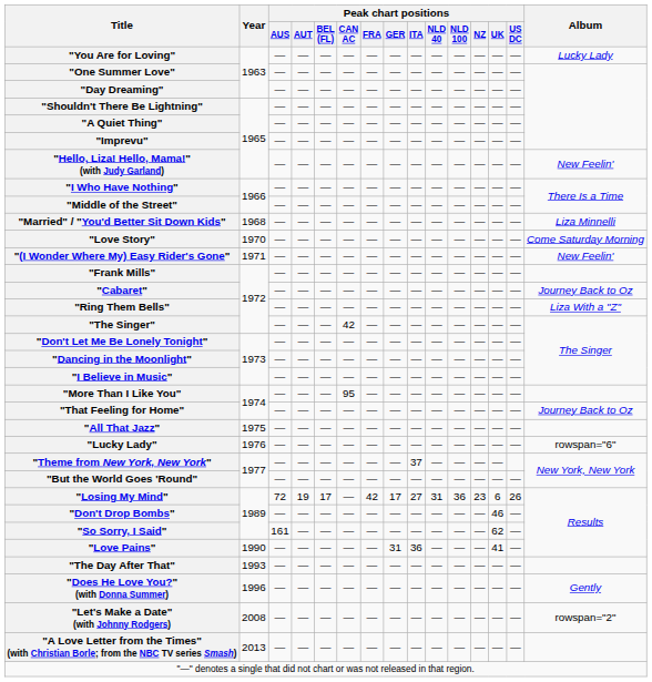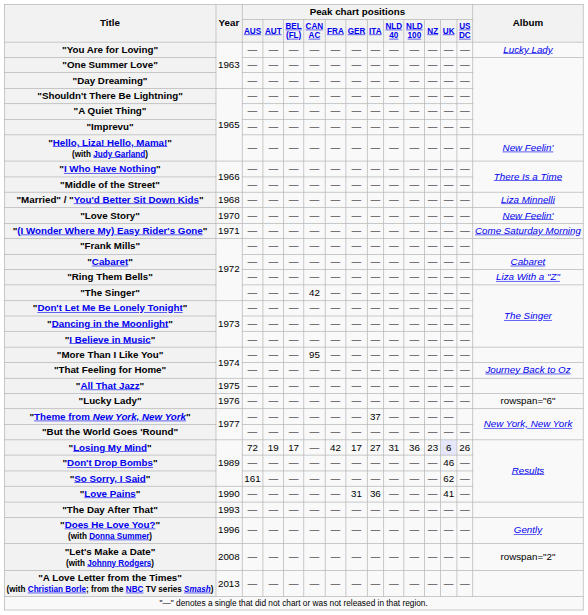 <table class="wikitable plainrowheaders" style="text-align:center;">
 <tr>
 <th scope="col" rowspan="2">Title</th>
 <th scope="col" rowspan="2">Year</th>
 <th scope="col" colspan="12">Peak chart positions</th>
 <th scope="col" rowspan="2">Album</th>
 </tr>
 <tr style="font-size:smaller;">
 <th scope="col" style="width:20px;"><a href='#'>AUS</a><br></th>
 <th scope="col" style="width:20px;"><a href='#'>AUT</a><br></th>
 <th scope="col" style="width:20px;"><a href='#'>BEL<br>(FL)</a><br></th>
 <th scope="col" style="width:20px;"><a href='#'>CAN<br>AC</a><br></th>
 <th scope="col" style="width:20px;"><a href='#'>FRA</a><br></th>
 <th scope="col" style="width:20px;"><a href='#'>GER</a><br></th>
 <th scope="col" style="width:20px;"><a href='#'>ITA</a><br></th>
 <th scope="col" style="width:20px;"><a href='#'>NLD<br>40</a><br></th>
 <th scope="col" style="width:20px;"><a href='#'>NLD<br>100</a><br></th>
 <th scope="col" style="width:20px;"><a href='#'>NZ</a><br></th>
 <th scope="col" style="width:20px;"><a href='#'>UK</a><br></th>
 <th scope="col" style="width:20px;"><a href='#'>US<br>DC</a><br></th>
 </tr>
 <tr>
 <th scope = "row">"You Are for Loving"</th>
 <td rowspan="3">1963</td>
 <td>—</td>
 <td>—</td>
 <td>—</td>
 <td>—</td>
 <td>—</td>
 <td>—</td>
 <td>—</td>
 <td>—</td>
 <td>—</td>
 <td>—</td>
 <td>—</td>
 <td>—</td>
 <td><em><a href='#'>Lucky Lady</a></em></td>
 </tr>
 <tr>
 <th scope = "row">"One Summer Love"</th>
 <td>—</td>
 <td>—</td>
 <td>—</td>
 <td>—</td>
 <td>—</td>
 <td>—</td>
 <td>—</td>
 <td>—</td>
 <td>—</td>
 <td>—</td>
 <td>—</td>
 <td>—</td>
 </tr>
 <tr>
 <th scope = "row">"Day Dreaming"</th>
 <td>—</td>
 <td>—</td>
 <td>—</td>
 <td>—</td>
 <td>—</td>
 <td>—</td>
 <td>—</td>
 <td>—</td>
 <td>—</td>
 <td>—</td>
 <td>—</td>
 <td>—</td>
 </tr>
 <tr>
 <th scope = "row">"Shouldn't There Be Lightning"</th>
 <td rowspan="4">1965</td>
 <td>—</td>
 <td>—</td>
 <td>—</td>
 <td>—</td>
 <td>—</td>
 <td>—</td>
 <td>—</td>
 <td>—</td>
 <td>—</td>
 <td>—</td>
 <td>—</td>
 <td>—</td>
 </tr>
 <tr>
 <th scope = "row">"A Quiet Thing"</th>
 <td>—</td>
 <td>—</td>
 <td>—</td>
 <td>—</td>
 <td>—</td>
 <td>—</td>
 <td>—</td>
 <td>—</td>
 <td>—</td>
 <td>—</td>
 <td>—</td>
 <td>—</td>
 </tr>
 <tr>
 <th scope = "row">"Imprevu"</th>
 <td>—</td>
 <td>—</td>
 <td>—</td>
 <td>—</td>
 <td>—</td>
 <td>—</td>
 <td>—</td>
 <td>—</td>
 <td>—</td>
 <td>—</td>
 <td>—</td>
 <td>—</td>
 </tr>
 <tr>
 <th scope = "row">"<a href='#'>Hello, Liza! Hello, Mama!</a>"<br><small>(with <a href='#'>Judy Garland</a>)</small></th>
 <td>—</td>
 <td>—</td>
 <td>—</td>
 <td>—</td>
 <td>—</td>
 <td>—</td>
 <td>—</td>
 <td>—</td>
 <td>—</td>
 <td>—</td>
 <td>—</td>
 <td>—</td>
 <td><em><a href='#'>New Feelin'</a></em></td>
 </tr>
 <tr>
 <th scope = "row">"<a href='#'>I Who Have Nothing</a>"</th>
 <td rowspan="2">1966</td>
 <td>—</td>
 <td>—</td>
 <td>—</td>
 <td>—</td>
 <td>—</td>
 <td>—</td>
 <td>—</td>
 <td>—</td>
 <td>—</td>
 <td>—</td>
 <td>—</td>
 <td>—</td>
 <td rowspan="2"><em><a href='#'>There Is a Time</a></em></td>
 </tr>
 <tr>
 <th scope = "row">"Middle of the Street"</th>
 <td>—</td>
 <td>—</td>
 <td>—</td>
 <td>—</td>
 <td>—</td>
 <td>—</td>
 <td>—</td>
 <td>—</td>
 <td>—</td>
 <td>—</td>
 <td>—</td>
 <td>—</td>
 </tr>
 <tr>
 <th scope = "row">"Married" / "<a href='#'>You'd Better Sit Down Kids</a>"</th>
 <td>1968</td>
 <td>—</td>
 <td>—</td>
 <td>—</td>
 <td>—</td>
 <td>—</td>
 <td>—</td>
 <td>—</td>
 <td>—</td>
 <td>—</td>
 <td>—</td>
 <td>—</td>
 <td>—</td>
 <td><em><a href='#'>Liza Minnelli</a></em></td>
 </tr>
 <tr>
 <th scope = "row">"Love Story"</th>
 <td>1970</td>
 <td>—</td>
 <td>—</td>
 <td>—</td>
 <td>—</td>
 <td>—</td>
 <td>—</td>
 <td>—</td>
 <td>—</td>
 <td>—</td>
 <td>—</td>
 <td>—</td>
 <td>—</td>
-<td><em><a href='#'>Come Saturday Morning</a></em></td>
+<td><em><a href='#'>New Feelin'</a></em></td>
 </tr>
 <tr>
 <th scope = "row">"<a href='#'>(I Wonder Where My) Easy Rider's Gone</a>"</th>
 <td>1971</td>
 <td>—</td>
 <td>—</td>
 <td>—</td>
 <td>—</td>
 <td>—</td>
 <td>—</td>
 <td>—</td>
 <td>—</td>
 <td>—</td>
 <td>—</td>
 <td>—</td>
 <td>—</td>
-<td><em><a href='#'>New Feelin'</a></em></td>
+<td><em><a href='#'>Come Saturday Morning</a></em></td>
 </tr>
 <tr>
 <th scope = "row">"Frank Mills"</th>
 <td rowspan="4">1972</td>
 <td>—</td>
 <td>—</td>
 <td>—</td>
 <td>—</td>
 <td>—</td>
 <td>—</td>
 <td>—</td>
 <td>—</td>
 <td>—</td>
 <td>—</td>
 <td>—</td>
 <td>—</td>
 <td></td>
 </tr>
 <tr>
 <th scope = "row">"<a href='#'>Cabaret</a>"</th>
 <td>—</td>
 <td>—</td>
 <td>—</td>
 <td>—</td>
 <td>—</td>
 <td>—</td>
 <td>—</td>
 <td>—</td>
 <td>—</td>
 <td>—</td>
 <td>—</td>
 <td>—</td>
-<td><em><a href='#'>Journey Back to Oz</a></em></td>
+<td><em><a href='#'>Cabaret</a></em></td>
 </tr>
 <tr>
 <th scope = "row">"Ring Them Bells"</th>
 <td>—</td>
 <td>—</td>
 <td>—</td>
 <td>—</td>
 <td>—</td>
 <td>—</td>
 <td>—</td>
 <td>—</td>
 <td>—</td>
 <td>—</td>
 <td>—</td>
 <td>—</td>
 <td><em><a href='#'>Liza With a "Z"</a></em></td>
 </tr>
 <tr>
 <th scope = "row">"The Singer"</th>
 <td>—</td>
 <td>—</td>
 <td>—</td>
 <td>42</td>
 <td>—</td>
 <td>—</td>
 <td>—</td>
 <td>—</td>
 <td>—</td>
 <td>—</td>
 <td>—</td>
 <td>—</td>
 <td rowspan="4"><em><a href='#'>The Singer</a></em></td>
 </tr>
 <tr>
 <th scope = "row">"<a href='#'>Don't Let Me Be Lonely Tonight</a>"</th>
 <td rowspan="3">1973</td>
 <td>—</td>
 <td>—</td>
 <td>—</td>
 <td>—</td>
 <td>—</td>
 <td>—</td>
 <td>—</td>
 <td>—</td>
 <td>—</td>
 <td>—</td>
 <td>—</td>
 <td>—</td>
 </tr>
 <tr>
 <th scope = "row">"<a href='#'>Dancing in the Moonlight</a>"</th>
 <td>—</td>
 <td>—</td>
 <td>—</td>
 <td>—</td>
 <td>—</td>
 <td>—</td>
 <td>—</td>
 <td>—</td>
 <td>—</td>
 <td>—</td>
 <td>—</td>
 <td>—</td>
 </tr>
 <tr>
 <th scope = "row">"<a href='#'>I Believe in Music</a>"</th>
 <td>—</td>
 <td>—</td>
 <td>—</td>
 <td>—</td>
 <td>—</td>
 <td>—</td>
 <td>—</td>
 <td>—</td>
 <td>—</td>
 <td>—</td>
 <td>—</td>
 <td>—</td>
 </tr>
 <tr>
 <th scope = "row">"More Than I Like You"</th>
 <td rowspan="2">1974</td>
 <td>—</td>
 <td>—</td>
 <td>—</td>
 <td>95</td>
 <td>—</td>
 <td>—</td>
 <td>—</td>
 <td>—</td>
 <td>—</td>
 <td>—</td>
 <td>—</td>
 <td>—</td>
 <td></td>
 </tr>
 <tr>
 <th scope = "row">"That Feeling for Home"</th>
 <td>—</td>
 <td>—</td>
 <td>—</td>
 <td>—</td>
 <td>—</td>
 <td>—</td>
 <td>—</td>
 <td>—</td>
 <td>—</td>
 <td>—</td>
 <td>—</td>
 <td>—</td>
 <td><em><a href='#'>Journey Back to Oz</a></em></td>
 </tr>
 <tr>
 <th scope = "row">"<a href='#'>All That Jazz</a>"</th>
 <td>1975</td>
 <td>—</td>
 <td>—</td>
 <td>—</td>
 <td>—</td>
 <td>—</td>
 <td>—</td>
 <td>—</td>
 <td>—</td>
 <td>—</td>
 <td>—</td>
 <td>—</td>
 <td>—</td>
 <td></td>
 </tr>
 <tr>
 <th scope = "row">"Lucky Lady"</th>
 <td>1976</td>
 <td>—</td>
 <td>—</td>
 <td>—</td>
 <td>—</td>
 <td>—</td>
 <td>—</td>
 <td>—</td>
 <td>—</td>
 <td>—</td>
 <td>—</td>
 <td>—</td>
 <td>—</td>
 <td>rowspan="6" </td>
 </tr>
 <tr>
 <th scope = "row">"<a href='#'>Theme from <em>New York, New York</em></a>"</th>
 <td rowspan="2">1977</td>
 <td>—</td>
 <td>—</td>
 <td>—</td>
 <td>—</td>
 <td>—</td>
 <td>—</td>
 <td>37</td>
 <td>—</td>
 <td>—</td>
 <td>—</td>
 <td>—</td>
 <td></td>
 <td rowspan="2"><em><a href='#'>New York, New York</a></em></td>
 </tr>
 <tr>
 <th scope = "row">"But the World Goes 'Round"</th>
 <td>—</td>
 <td>—</td>
 <td>—</td>
 <td>—</td>
 <td>—</td>
 <td>—</td>
 <td>—</td>
 <td>—</td>
 <td>—</td>
 <td>—</td>
 <td>—</td>
 <td>—</td>
 </tr>
 <tr>
 <th scope = "row">"<a href='#'>Losing My Mind</a>"</th>
 <td rowspan="3">1989</td>
 <td>72</td>
 <td>19</td>
 <td>17</td>
 <td>—</td>
 <td>42</td>
 <td>17</td>
 <td>27</td>
 <td>31</td>
 <td>36</td>
 <td>23</td>
-<td>6</td>
+<td style="background: lavender;">6</td>
 <td>26</td>
 <td rowspan="4"><em><a href='#'>Results</a></em></td>
 </tr>
 <tr>
 <th scope = "row">"<a href='#'>Don't Drop Bombs</a>"</th>
 <td>—</td>
 <td>—</td>
 <td>—</td>
 <td>—</td>
 <td>—</td>
 <td>—</td>
 <td>—</td>
 <td>—</td>
 <td>—</td>
 <td>—</td>
 <td>46</td>
 <td>—</td>
 </tr>
 <tr>
 <th scope = "row">"<a href='#'>So Sorry, I Said</a>"</th>
 <td>161</td>
 <td>—</td>
 <td>—</td>
 <td>—</td>
 <td>—</td>
 <td>—</td>
 <td>—</td>
 <td>—</td>
 <td>—</td>
 <td>—</td>
 <td>62</td>
 <td>—</td>
 </tr>
 <tr>
 <th scope = "row">"<a href='#'>Love Pains</a>"</th>
 <td>1990</td>
 <td>—</td>
 <td>—</td>
 <td>—</td>
 <td>—</td>
 <td>—</td>
 <td>31</td>
 <td>36</td>
 <td>—</td>
 <td>—</td>
 <td>—</td>
 <td>41</td>
 <td>—</td>
 </tr>
 <tr>
 <th scope = "row">"The Day After That"</th>
 <td>1993</td>
 <td>—</td>
 <td>—</td>
 <td>—</td>
 <td>—</td>
 <td>—</td>
 <td>—</td>
 <td>—</td>
 <td>—</td>
 <td>—</td>
 <td>—</td>
 <td>—</td>
 <td>—</td>
 <td></td>
 </tr>
 <tr>
 <th scope = "row">"<a href='#'>Does He Love You?</a>"<br><small>(with <a href='#'>Donna Summer</a>)</small></th>
 <td>1996</td>
 <td>—</td>
 <td>—</td>
 <td>—</td>
 <td>—</td>
 <td>—</td>
 <td>—</td>
 <td>—</td>
 <td>—</td>
 <td>—</td>
 <td>—</td>
 <td>—</td>
 <td>—</td>
 <td><em><a href='#'>Gently</a></em></td>
 </tr>
 <tr>
 <th scope = "row">"Let's Make a Date"<br><small>(with <a href='#'>Johnny Rodgers</a>)</small></th>
 <td>2008</td>
 <td>—</td>
 <td>—</td>
 <td>—</td>
 <td>—</td>
 <td>—</td>
 <td>—</td>
 <td>—</td>
 <td>—</td>
 <td>—</td>
 <td>—</td>
 <td>—</td>
 <td>—</td>
 <td>rowspan="2" </td>
 </tr>
 <tr>
 <th scope = "row">"A Love Letter from the Times"<br><small>(with <a href='#'>Christian Borle</a>; from the <a href='#'>NBC</a> TV series <em><a href='#'>Smash</a></em>)</small></th>
 <td>2013</td>
 <td>—</td>
 <td>—</td>
 <td>—</td>
 <td>—</td>
 <td>—</td>
 <td>—</td>
 <td>—</td>
 <td>—</td>
 <td>—</td>
 <td>—</td>
 <td>—</td>
 <td>—</td>
 </tr>
 <tr>
 <td colspan="17" style="font-size: 85%">"—" denotes a single that did not chart or was not released in that region.</td>
 </tr>
 </table>
